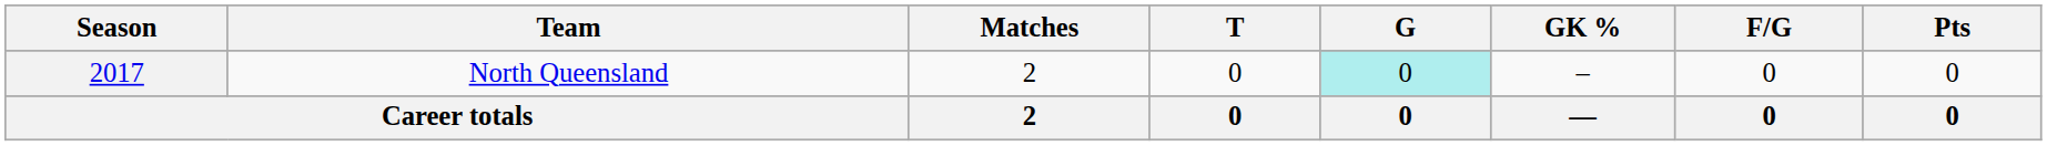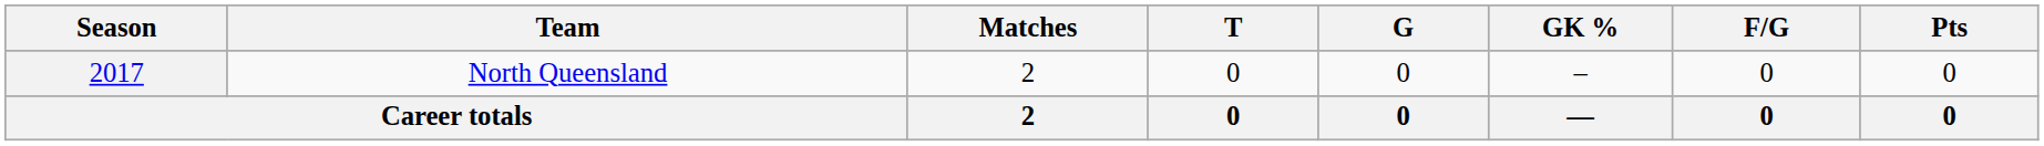 <table class="wikitable sortable"  style="font-size:90%; text-align:center; width:85%;">
 <tr>
 <th width=2%>Season</th>
 <th width=8%>Team</th>
 <th width=2%>Matches</th>
 <th width=2%>T</th>
 <th width=2%>G</th>
 <th width=2%>GK %</th>
 <th width=2%>F/G</th>
 <th width=2%>Pts</th>
 </tr>
 <tr>
 <th scope="row" style="text-align:center; font-weight:normal"><a href='#'>2017</a></th>
 <td style="text-align:center;">  <a href='#'>North Queensland</a></td>
 <td>2</td>
 <td>0</td>
-<td style="background: paleturquoise;">0</td>
+<td>0</td>
 <td>–</td>
 <td>0</td>
 <td>0</td>
 </tr>
 <tr class="sortbottom">
 <th colspan=2>Career totals</th>
 <th>2</th>
 <th>0</th>
 <th>0</th>
 <th>—</th>
 <th>0</th>
 <th>0</th>
 </tr>
 </table>
